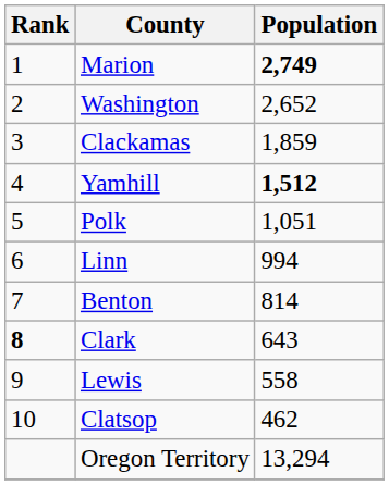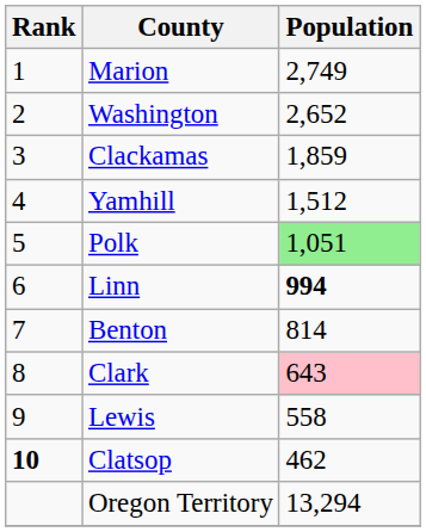 <table class=wikitable>
 <tr>
 <th>Rank</th>
 <th>County</th>
 <th>Population</th>
 </tr>
 <tr>
 <td>1</td>
 <td><a href='#'>Marion</a></td>
-<td><strong>2,749</strong></td>
+<td>2,749</td>
 </tr>
 <tr>
 <td>2</td>
 <td><a href='#'>Washington</a></td>
 <td>2,652</td>
 </tr>
 <tr>
 <td>3</td>
 <td><a href='#'>Clackamas</a></td>
 <td>1,859</td>
 </tr>
 <tr>
 <td>4</td>
 <td><a href='#'>Yamhill</a></td>
-<td><strong>1,512</strong></td>
+<td>1,512</td>
 </tr>
 <tr>
 <td>5</td>
 <td><a href='#'>Polk</a></td>
-<td>1,051</td>
+<td style="background: lightgreen;">1,051</td>
 </tr>
 <tr>
 <td>6</td>
 <td><a href='#'>Linn</a></td>
-<td>994</td>
+<td><strong>994</strong></td>
 </tr>
 <tr>
 <td>7</td>
 <td><a href='#'>Benton</a></td>
 <td>814</td>
 </tr>
 <tr>
-<td><strong>8</strong></td>
+<td>8</td>
 <td><a href='#'>Clark</a></td>
-<td>643</td>
+<td style="background: pink;">643</td>
 </tr>
 <tr>
 <td>9</td>
 <td><a href='#'>Lewis</a></td>
 <td>558</td>
 </tr>
 <tr>
-<td>10</td>
+<td><strong>10</strong></td>
 <td><a href='#'>Clatsop</a></td>
 <td>462</td>
 </tr>
 <tr>
 <td></td>
 <td>Oregon Territory</td>
 <td>13,294</td>
 </tr>
 <tr>
 </tr>
 </table>
